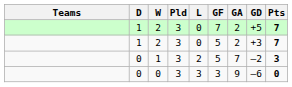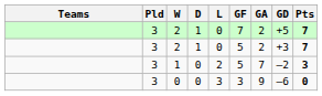 <table class="wikitable" style="text-align: center;">
 <tr>
 <th width=165>Teams</th>
+<th width=20>Pld</th>
+<th width=20>W</th>
 <th width=20>D</th>
-<th width=20>W</th>
-<th width=20>Pld</th>
 <th width=20>L</th>
 <th width=20>GF</th>
 <th width=20>GA</th>
 <th width=20>GD</th>
 <th width=20>Pts</th>
 </tr>
 <tr align=center style="background:#ccffcc;">
 <td style="text-align:left;"></td>
+<td>3</td>
+<td>2</td>
 <td>1</td>
-<td>2</td>
-<td>3</td>
 <td>0</td>
 <td>7</td>
 <td>2</td>
 <td>+5</td>
 <td><strong>7</strong></td>
 </tr>
 <tr align=center>
 <td style="text-align:left;"></td>
+<td>3</td>
+<td>2</td>
 <td>1</td>
-<td>2</td>
-<td>3</td>
 <td>0</td>
 <td>5</td>
 <td>2</td>
 <td>+3</td>
 <td><strong>7</strong></td>
 </tr>
 <tr align=center>
 <td style="text-align:left;"></td>
+<td>3</td>
+<td>1</td>
 <td>0</td>
-<td>1</td>
-<td>3</td>
 <td>2</td>
 <td>5</td>
 <td>7</td>
 <td>–2</td>
 <td><strong>3</strong></td>
 </tr>
 <tr align=center>
 <td style="text-align:left;"></td>
+<td>3</td>
 <td>0</td>
 <td>0</td>
-<td>3</td>
 <td>3</td>
 <td>3</td>
 <td>9</td>
 <td>–6</td>
 <td><strong>0</strong></td>
 </tr>
 </table>
